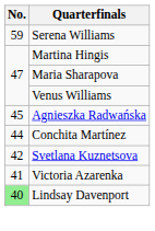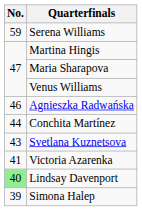 <table class="wikitable" style="text-align:center; display:inline-table">
 <tr>
 <th scope="col">No.</th>
 <th scope="col">Quarterfinals</th>
 </tr>
 <tr>
 <td>59</td>
 <td style="text-align:left"> Serena Williams</td>
 </tr>
 <tr>
 <td rowspan="3">47</td>
 <td style="text-align:left"> Martina Hingis</td>
 </tr>
 <tr>
 <td style="text-align:left"> Maria Sharapova</td>
 </tr>
 <tr>
 <td style="text-align:left"> Venus Williams</td>
 </tr>
 <tr>
-<td>45</td>
+<td>46</td>
 <td style="text-align:left"> <a href='#'>Agnieszka Radwańska</a></td>
 </tr>
 <tr>
 <td>44</td>
 <td style="text-align:left"> Conchita Martínez</td>
 </tr>
 <tr>
-<td>42</td>
+<td>43</td>
 <td style="text-align:left"> <a href='#'>Svetlana Kuznetsova</a></td>
 </tr>
 <tr>
 <td>41</td>
 <td style="text-align:left"> Victoria Azarenka</td>
 </tr>
 <tr>
 <td style="background: lightgreen;">40</td>
 <td style="text-align:left"> Lindsay Davenport</td>
 </tr>
+<tr>
+<td>39</td>
+<td style="text-align:left"> Simona Halep<br></td>
+</tr>
 </table>
